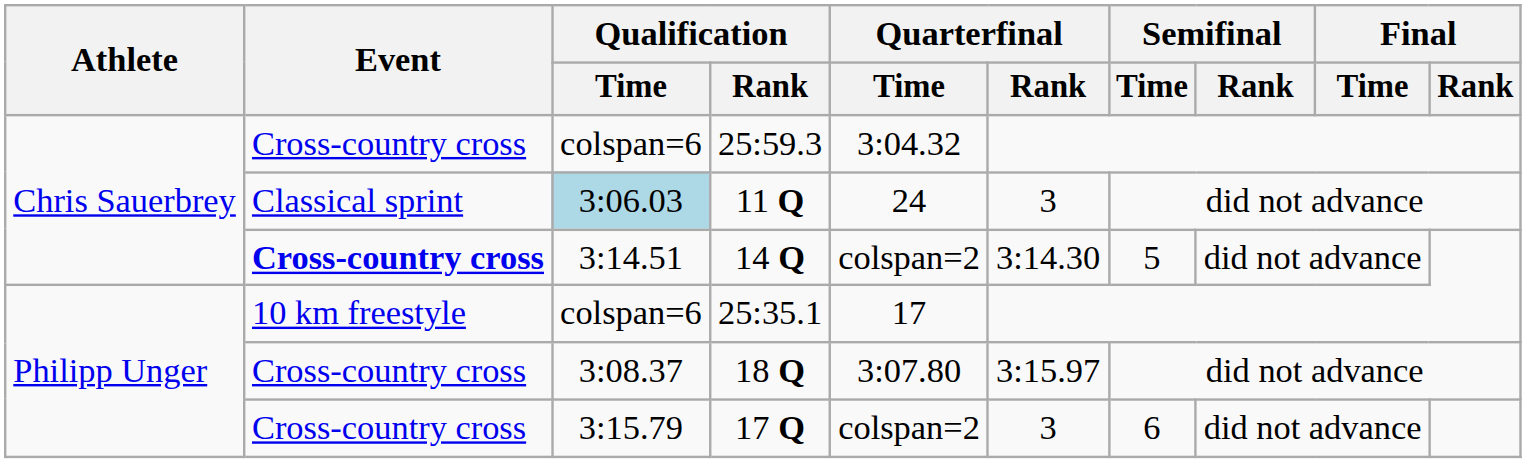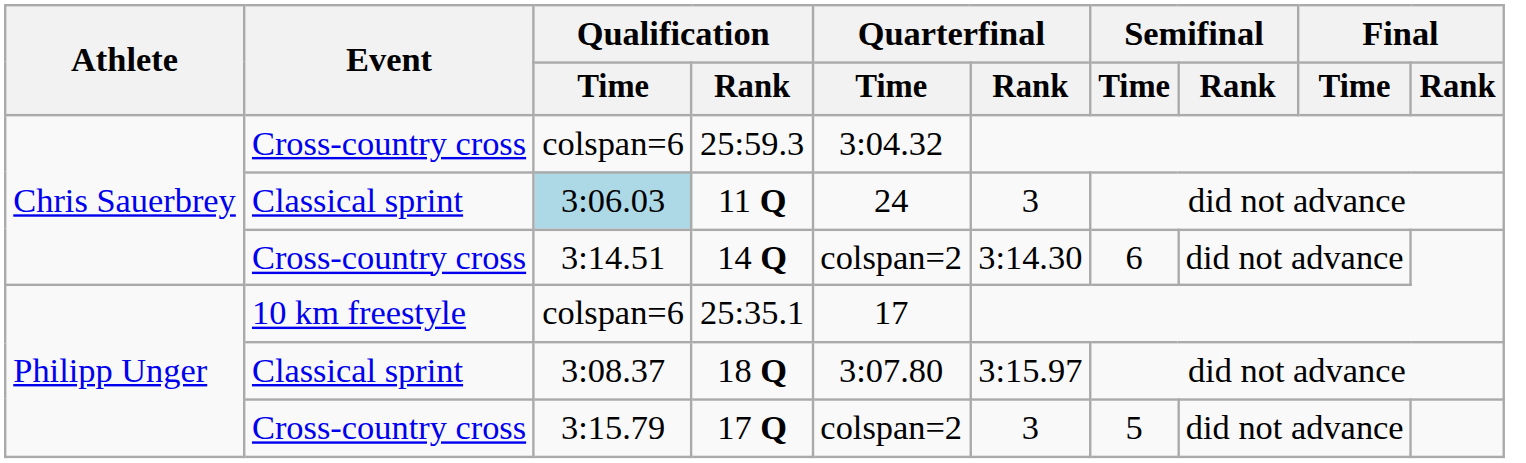 <table class="wikitable" style="font-size:90%">
 <tr>
 <th rowspan="2">Athlete</th>
 <th rowspan="2">Event</th>
 <th colspan="2">Qualification</th>
 <th colspan="2">Quarterfinal</th>
 <th colspan="2">Semifinal</th>
 <th colspan="2">Final</th>
 </tr>
 <tr style="font-size:95%">
 <th>Time</th>
 <th>Rank</th>
 <th>Time</th>
 <th>Rank</th>
 <th>Time</th>
 <th>Rank</th>
 <th>Time</th>
 <th>Rank</th>
 </tr>
 <tr align=center>
 <td align=left rowspan=3><a href='#'>Chris Sauerbrey</a></td>
 <td align=left><a href='#'>Cross-country cross</a></td>
 <td>colspan=6 </td>
 <td>25:59.3</td>
 <td>3:04.32</td>
 </tr>
 <tr align=center>
 <td align=left><a href='#'>Classical sprint</a></td>
 <td style="background: lightblue;">3:06.03</td>
 <td>11 <strong>Q</strong></td>
 <td>24</td>
 <td>3</td>
 <td colspan=4>did not advance</td>
 </tr>
 <tr align=center>
-<td align=left><strong><a href='#'>Cross-country cross</a></strong></td>
+<td align=left><a href='#'>Cross-country cross</a></td>
 <td>3:14.51</td>
 <td>14 <strong>Q</strong></td>
 <td>colspan=2 </td>
 <td>3:14.30</td>
-<td>5</td>
+<td>6</td>
 <td colspan=2>did not advance</td>
 </tr>
 <tr align=center>
 <td align=left rowspan=3><a href='#'>Philipp Unger</a></td>
 <td align=left><a href='#'>10 km freestyle</a></td>
 <td>colspan=6 </td>
 <td>25:35.1</td>
 <td>17</td>
 </tr>
 <tr align=center>
-<td align=left><a href='#'>Cross-country cross</a></td>
+<td align=left><a href='#'>Classical sprint</a></td>
 <td>3:08.37</td>
 <td>18 <strong>Q</strong></td>
 <td>3:07.80</td>
 <td>3:15.97</td>
 <td colspan=4>did not advance</td>
 </tr>
 <tr align=center>
 <td align=left><a href='#'>Cross-country cross</a></td>
 <td>3:15.79</td>
 <td>17 <strong>Q</strong></td>
 <td>colspan=2 </td>
 <td>3</td>
-<td>6</td>
+<td>5</td>
 <td colspan=2>did not advance</td>
 </tr>
 </table>
